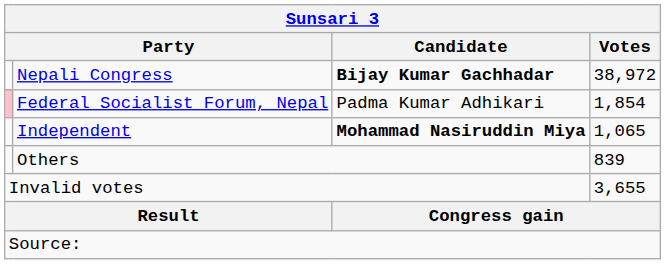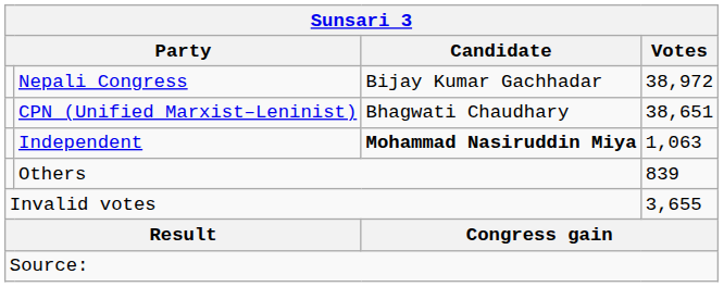 <table class="wikitable">
 <tr>
 <th colspan="4"><a href='#'>Sunsari 3</a></th>
 </tr>
 <tr>
 <th colspan="2">Party</th>
 <th>Candidate</th>
 <th>Votes</th>
 </tr>
 <tr>
 <td style="background-color:"></td>
 <td><a href='#'>Nepali Congress</a></td>
-<td><strong>Bijay Kumar Gachhadar</strong></td>
+<td>Bijay Kumar Gachhadar</td>
 <td>38,972</td>
 </tr>
 <tr>
-<td style="background-color:#ffc0cb"></td>
-<td><a href='#'>Federal Socialist Forum, Nepal</a></td>
-<td>Padma Kumar Adhikari</td>
-<td>1,854</td>
+<td style="background-color:"></td>
+<td><a href='#'>CPN (Unified Marxist–Leninist)</a></td>
+<td>Bhagwati Chaudhary</td>
+<td>38,651</td>
 </tr>
 <tr>
 <td style="background-color:"></td>
 <td><a href='#'>Independent</a></td>
 <td><strong>Mohammad Nasiruddin Miya</strong></td>
-<td>1,065</td>
+<td>1,063</td>
 </tr>
 <tr>
 <td></td>
 <td colspan="2">Others</td>
 <td>839</td>
 </tr>
 <tr>
 <td colspan="3">Invalid votes</td>
 <td>3,655</td>
 </tr>
 <tr>
 <th colspan="2">Result</th>
 <th colspan="2">Congress gain</th>
 </tr>
 <tr>
 <td colspan="4">Source: </td>
 </tr>
 </table>
